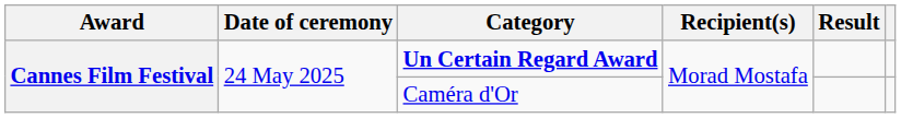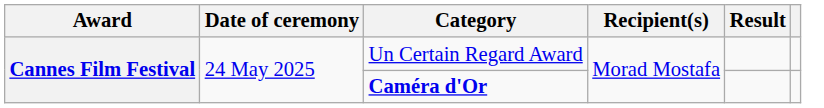 <table class="wikitable sortable plainrowheaders">
 <tr>
 <th scope="col">Award</th>
 <th scope="col">Date of ceremony</th>
 <th scope="col">Category</th>
 <th scope="col">Recipient(s)</th>
 <th scope="col">Result</th>
 <th scope="col" class="unsortable"></th>
 </tr>
 <tr>
 <th scope="row" rowspan="2"><a href='#'>Cannes Film Festival</a></th>
 <td rowspan="2"><a href='#'>24 May 2025</a></td>
-<td><strong><a href='#'>Un Certain Regard Award</a></strong></td>
+<td><a href='#'>Un Certain Regard Award</a></td>
 <td rowspan="2"><a href='#'>Morad Mostafa</a></td>
 <td></td>
 <td align="center"></td>
 </tr>
 <tr>
-<td><a href='#'>Caméra d'Or</a></td>
+<td><strong><a href='#'>Caméra d'Or</a></strong></td>
 <td></td>
 <td align="center"></td>
 </tr>
 </table>
